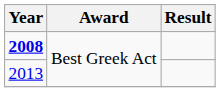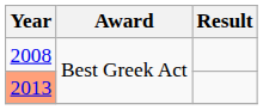 <table class="wikitable">
 <tr>
 <th>Year</th>
 <th>Award</th>
 <th>Result</th>
 </tr>
 <tr>
-<td><strong><a href='#'>2008</a></strong></td>
+<td><a href='#'>2008</a></td>
 <td rowspan="2">Best Greek Act</td>
 <td></td>
 </tr>
 <tr>
-<td><a href='#'>2013</a></td>
+<td style="background: lightsalmon;"><a href='#'>2013</a></td>
 <td></td>
 </tr>
 <tr>
 </tr>
 </table>
